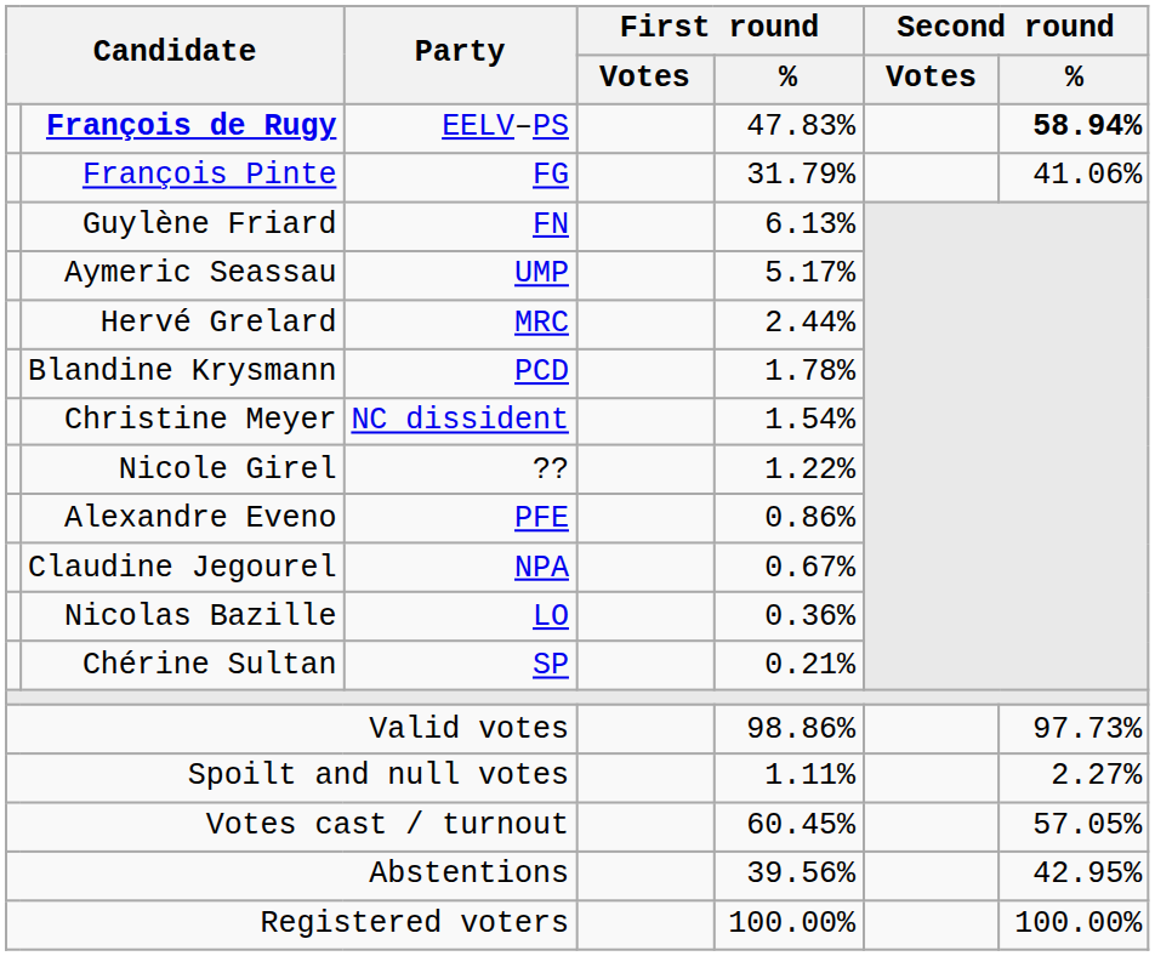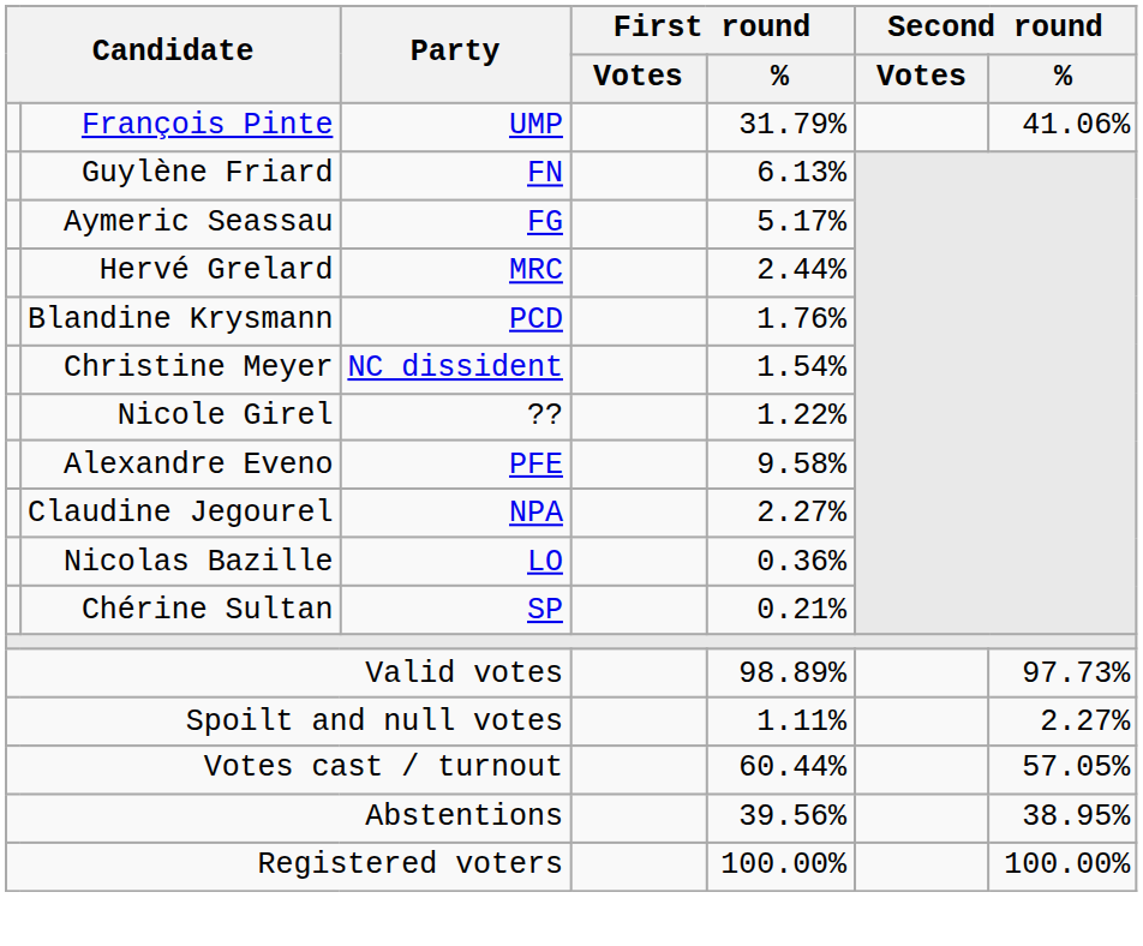 <table class="wikitable" style="text-align:right;font-size:95%;">
 <tr>
 <th rowspan=2 colspan=2>Candidate</th>
 <th rowspan=2 colspan=1>Party</th>
 <th colspan=2>First round</th>
 <th colspan=2>Second round</th>
 </tr>
 <tr>
 <th style="width:50px;">Votes</th>
 <th style="width:55px;">%</th>
 <th style="width:50px;">Votes</th>
 <th style="width:55px;">%</th>
 </tr>
 <tr>
 <td style="color:inherit;background-color:"></td>
-<td><strong><a href='#'>François de Rugy</a></strong></td>
-<td><a href='#'>EELV</a>–<a href='#'>PS</a></td>
-<td></td>
-<td>47.83%</td>
-<td><strong></strong></td>
-<td><strong>58.94%</strong></td>
-</tr>
-<tr>
-<td style="color:inherit;background-color:"></td>
 <td><a href='#'>François Pinte</a></td>
-<td><a href='#'>FG</a></td>
+<td><a href='#'>UMP</a></td>
 <td></td>
 <td>31.79%</td>
 <td></td>
 <td>41.06%</td>
 </tr>
 <tr>
 <td style="color:inherit;background-color:"></td>
 <td>Guylène Friard</td>
 <td><a href='#'>FN</a></td>
 <td></td>
 <td>6.13%</td>
 <td colspan="2" rowspan="10" style="background-color:#E9E9E9;"></td>
 </tr>
 <tr>
 <td style="color:inherit;background-color:"></td>
 <td>Aymeric Seassau</td>
-<td><a href='#'>UMP</a></td>
+<td><a href='#'>FG</a></td>
 <td></td>
 <td>5.17%</td>
 </tr>
 <tr>
 <td style="color:inherit;background-color:"></td>
 <td>Hervé Grelard</td>
 <td><a href='#'>MRC</a></td>
 <td></td>
 <td>2.44%</td>
 </tr>
 <tr>
 <td style="color:inherit;background-color:"></td>
 <td>Blandine Krysmann</td>
 <td><a href='#'>PCD</a></td>
 <td></td>
-<td>1.78%</td>
+<td>1.76%</td>
 </tr>
 <tr>
 <td style="color:inherit;background-color:"></td>
 <td>Christine Meyer</td>
 <td><a href='#'>NC dissident</a></td>
 <td></td>
 <td>1.54%</td>
 </tr>
 <tr>
 <td style="background-color:;"></td>
 <td>Nicole Girel</td>
 <td>??</td>
 <td></td>
 <td>1.22%</td>
 </tr>
 <tr>
 <td style="color:inherit;background-color:"></td>
 <td>Alexandre Eveno</td>
 <td><a href='#'>PFE</a></td>
 <td></td>
-<td>0.86%</td>
+<td>9.58%</td>
 </tr>
 <tr>
 <td style="color:inherit;background-color:"></td>
 <td>Claudine Jegourel</td>
 <td><a href='#'>NPA</a></td>
 <td></td>
-<td>0.67%</td>
+<td>2.27%</td>
 </tr>
 <tr>
 <td style="color:inherit;background-color:"></td>
 <td>Nicolas Bazille</td>
 <td><a href='#'>LO</a></td>
 <td></td>
 <td>0.36%</td>
 </tr>
 <tr>
 <td style="color:inherit;background-color:"></td>
 <td>Chérine Sultan</td>
 <td><a href='#'>SP</a></td>
 <td></td>
 <td>0.21%</td>
 </tr>
 <tr>
 <td colspan=7 style="background-color:#E9E9E9;"></td>
 </tr>
 <tr>
 <td colspan=3>Valid votes</td>
 <td></td>
-<td>98.86%</td>
+<td>98.89%</td>
 <td></td>
 <td>97.73%</td>
 </tr>
 <tr>
 <td colspan=3>Spoilt and null votes</td>
 <td></td>
 <td>1.11%</td>
 <td></td>
 <td>2.27%</td>
 </tr>
 <tr>
 <td colspan=3>Votes cast / turnout</td>
 <td></td>
-<td>60.45%</td>
+<td>60.44%</td>
 <td></td>
 <td>57.05%</td>
 </tr>
 <tr>
 <td colspan=3>Abstentions</td>
 <td></td>
 <td>39.56%</td>
 <td></td>
-<td>42.95%</td>
+<td>38.95%</td>
 </tr>
 <tr>
 <td colspan=3>Registered voters</td>
 <td></td>
 <td>100.00%</td>
 <td></td>
 <td>100.00%</td>
 </tr>
 </table>
